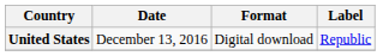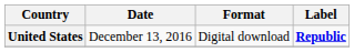 <table class="wikitable sortable plainrowheaders">
 <tr>
 <th scope="col">Country</th>
 <th scope="col">Date</th>
 <th scope="col">Format</th>
 <th scope="col">Label</th>
 </tr>
 <tr>
 <th scope="row">United States</th>
 <td>December 13, 2016</td>
 <td>Digital download</td>
-<td><a href='#'>Republic</a></td>
+<td><strong><a href='#'>Republic</a></strong></td>
 </tr>
 <tr>
 </tr>
 </table>
